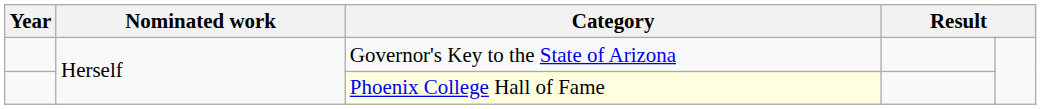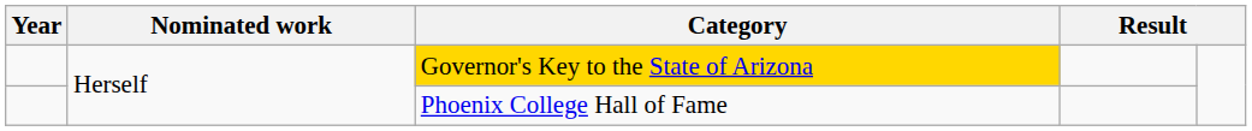 <table class=wikitable>
 <tr>
 <th width=5%>Year</th>
 <th width=28%>Nominated work</th>
 <th width=52%>Category</th>
 <th width=15% colspan=2>Result</th>
 </tr>
 <tr>
 <td></td>
 <td rowspan=2>Herself</td>
-<td>Governor's Key to the <a href='#'>State of Arizona</a></td>
+<td style="background: gold;">Governor's Key to the <a href='#'>State of Arizona</a></td>
 <td></td>
 <td width=4% align=center rowspan=2></td>
 </tr>
 <tr>
 <td></td>
-<td style="background: lightyellow;"><a href='#'>Phoenix College</a> Hall of Fame</td>
+<td><a href='#'>Phoenix College</a> Hall of Fame</td>
 <td></td>
 </tr>
 </table>
